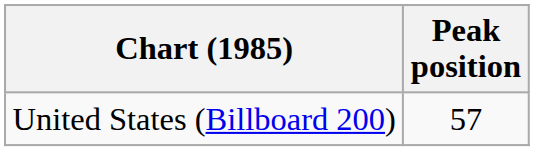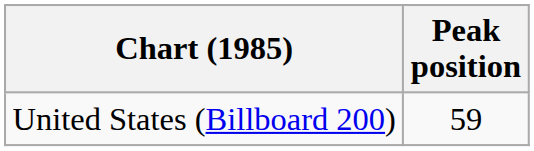 <table class="wikitable">
 <tr>
 <th scope="col">Chart (1985)</th>
 <th>Peak<br>position</th>
 </tr>
 <tr>
 <td>United States (<a href='#'>Billboard 200</a>)</td>
-<td style="text-align:center;">57</td>
+<td style="text-align:center;">59</td>
 </tr>
 </table>
